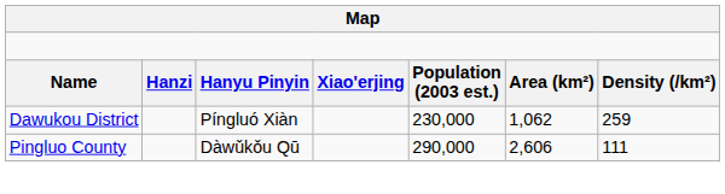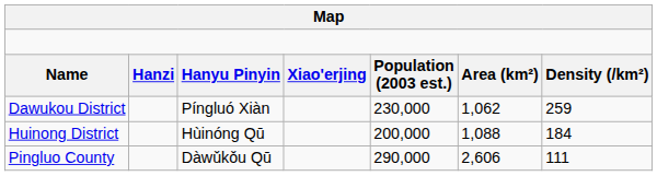 <table class="wikitable"  style="font-size:100%;" align=center>
 <tr>
 <th colspan=7>Map</th>
 </tr>
 <tr>
 <td colspan=7><div><br>      </div></td>
 </tr>
 <tr>
 <th>Name</th>
 <th><a href='#'>Hanzi</a></th>
 <th><a href='#'>Hanyu Pinyin</a></th>
 <th><a href='#'>Xiao'erjing</a></th>
 <th>Population<br>(2003 est.)</th>
 <th>Area (km²)</th>
 <th>Density (/km²)</th>
 </tr>
 <tr --------->
 <td><a href='#'>Dawukou District</a></td>
 <td></td>
 <td>Píngluó Xiàn</td>
 <td></td>
 <td>230,000</td>
 <td>1,062</td>
 <td>259</td>
 </tr>
 <tr --------->
+<td><a href='#'>Huinong District</a></td>
+<td></td>
+<td>Hùinóng Qū</td>
+<td></td>
+<td>200,000</td>
+<td>1,088</td>
+<td>184</td>
+</tr>
+<tr --------->
 <td><a href='#'>Pingluo County</a></td>
 <td></td>
 <td>Dàwǔkǒu Qū</td>
 <td></td>
 <td>290,000</td>
 <td>2,606</td>
 <td>111</td>
 </tr>
 </table>
